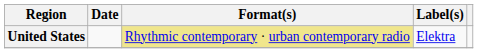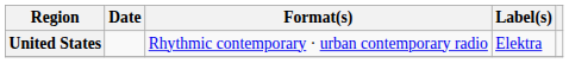 <table class="wikitable plainrowheaders" style="text-align:left">
 <tr>
 <th scope="col">Region</th>
 <th scope="col">Date</th>
 <th scope="col">Format(s)</th>
 <th scope="col">Label(s)</th>
 <th scope="col"></th>
 </tr>
 <tr>
 <th scope="row">United States</th>
 <td></td>
-<td style="background: khaki;"><a href='#'>Rhythmic contemporary</a> · <a href='#'>urban contemporary radio</a></td>
+<td><a href='#'>Rhythmic contemporary</a> · <a href='#'>urban contemporary radio</a></td>
 <td><a href='#'>Elektra</a></td>
 <td></td>
 </tr>
 <tr>
 </tr>
 </table>
